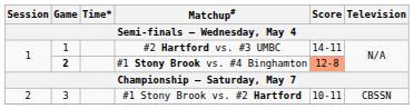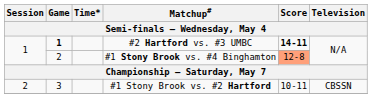 <table class="wikitable" style="font-size: 95%">
 <tr>
 <th>Session</th>
 <th>Game</th>
 <th>Time*</th>
 <th>Matchup<sup>#</sup></th>
 <th>Score</th>
 <th>Television</th>
 </tr>
 <tr>
 <th colspan=6>Semi-finals – Wednesday, May 4</th>
 </tr>
 <tr>
 <td rowspan=2 align=center>1</td>
-<td align=center>1</td>
+<td align=center><strong>1</strong></td>
 <td align=right></td>
 <td align=center>#2 <strong>Hartford</strong> vs. #3 UMBC</td>
-<td align=center>14-11</td>
+<td align=center><strong>14-11</strong></td>
 <td rowspan=2 align=center>N/A</td>
 </tr>
 <tr>
-<td align=center><strong>2</strong></td>
+<td align=center>2</td>
 <td align=right></td>
 <td align=center>#1 <strong>Stony Brook</strong> vs. #4 Binghamton</td>
 <td align=center style="background: lightsalmon;">12-8</td>
 </tr>
 <tr>
 <th colspan=6>Championship – Saturday, May 7</th>
 </tr>
 <tr>
 <td rowspan=1 align=center>2</td>
 <td align=center>3</td>
 <td align=right></td>
 <td align=center>#1 Stony Brook vs. #2 <strong>Hartford</strong></td>
 <td align=center>10-11</td>
 <td rowspan=1 align=center>CBSSN</td>
 </tr>
 <tr>
 </tr>
 </table>
